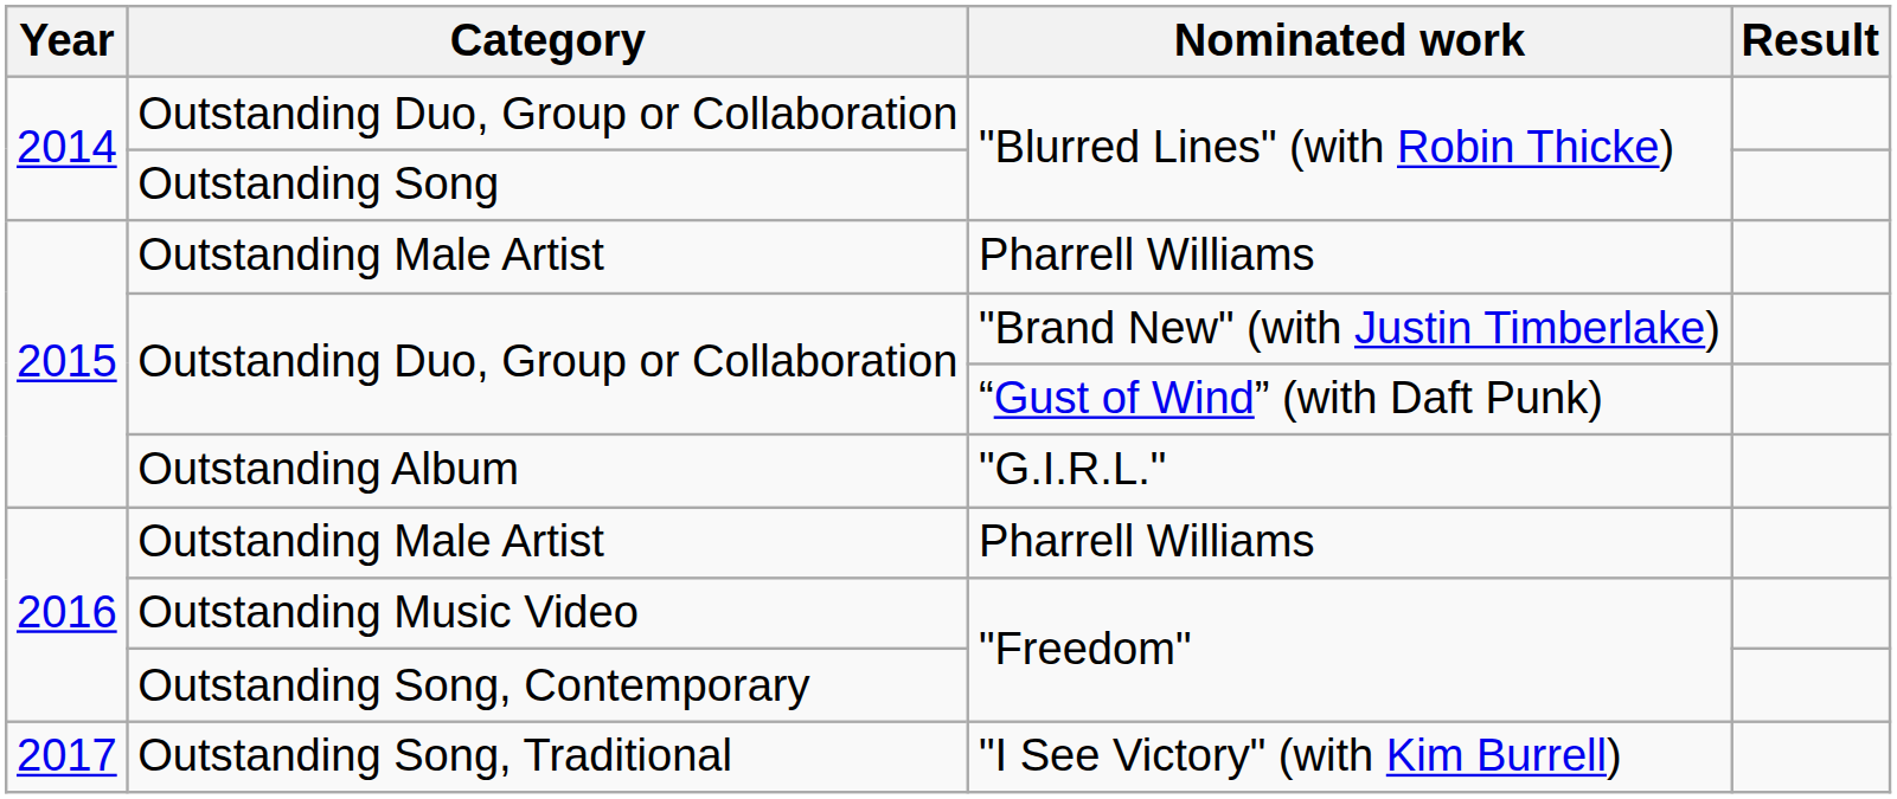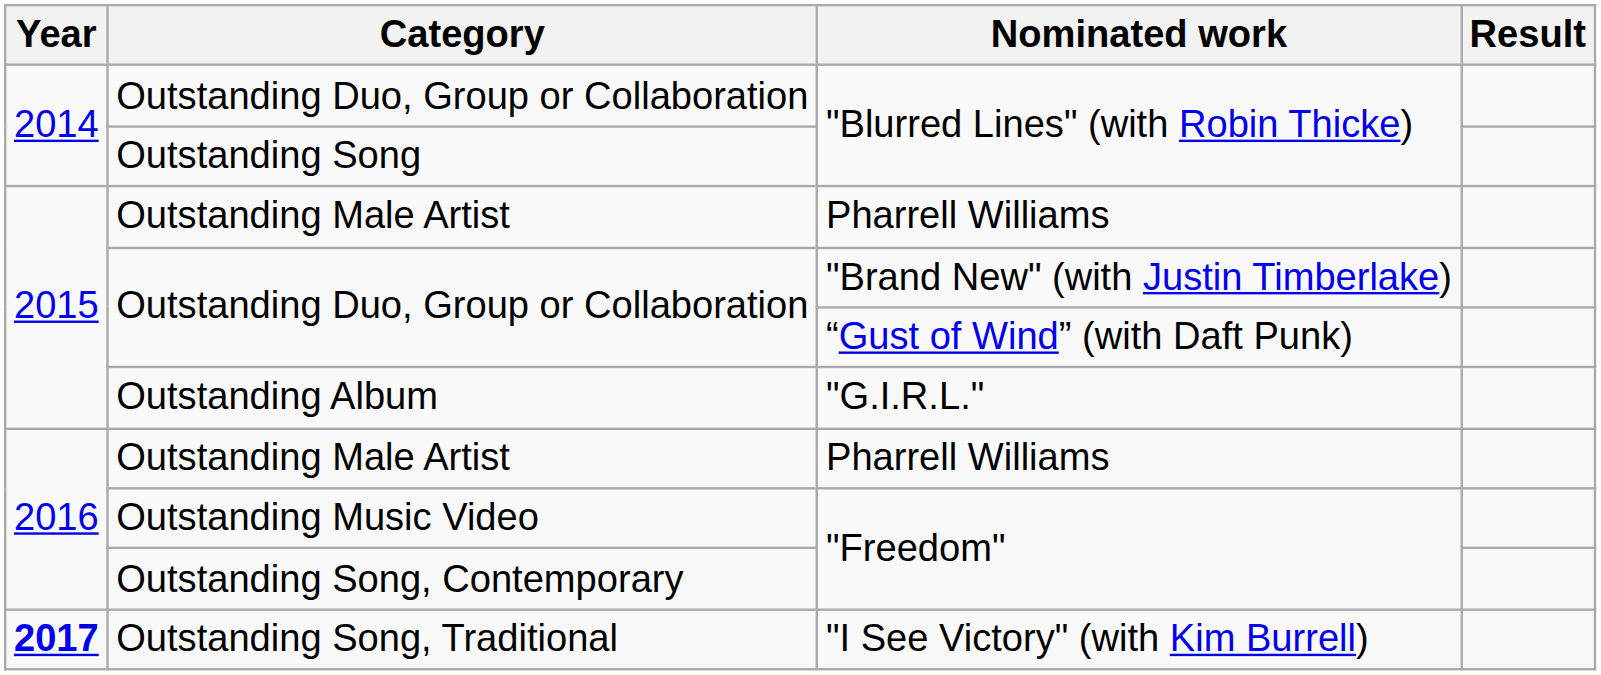 <table class="wikitable">
 <tr>
 <th>Year</th>
 <th>Category</th>
 <th>Nominated work</th>
 <th>Result</th>
 </tr>
 <tr>
 <td rowspan="2"><a href='#'>2014</a></td>
 <td>Outstanding Duo, Group or Collaboration</td>
 <td rowspan=2>"Blurred Lines" (with <a href='#'>Robin Thicke</a>)</td>
 <td></td>
 </tr>
 <tr>
 <td>Outstanding Song</td>
 <td></td>
 </tr>
 <tr>
 <td rowspan="4"><a href='#'>2015</a></td>
 <td>Outstanding Male Artist</td>
 <td>Pharrell Williams</td>
 <td></td>
 </tr>
 <tr>
 <td rowspan="2">Outstanding Duo, Group or Collaboration</td>
 <td>"Brand New" (with <a href='#'>Justin Timberlake</a>)</td>
 <td></td>
 </tr>
 <tr>
 <td>“<a href='#'>Gust of Wind</a>” (with Daft Punk)</td>
 <td></td>
 </tr>
 <tr>
 <td>Outstanding Album</td>
 <td>"G.I.R.L."</td>
 <td></td>
 </tr>
 <tr>
 <td rowspan="3"><a href='#'>2016</a></td>
 <td>Outstanding Male Artist</td>
 <td>Pharrell Williams</td>
 <td></td>
 </tr>
 <tr>
 <td>Outstanding Music Video</td>
 <td rowspan="2">"Freedom"</td>
 <td></td>
 </tr>
 <tr>
 <td>Outstanding Song, Contemporary</td>
 <td></td>
 </tr>
 <tr>
-<td><a href='#'>2017</a></td>
+<td><strong><a href='#'>2017</a></strong></td>
 <td>Outstanding Song, Traditional</td>
 <td>"I See Victory" (with <a href='#'>Kim Burrell</a>)</td>
 <td></td>
 </tr>
 </table>
